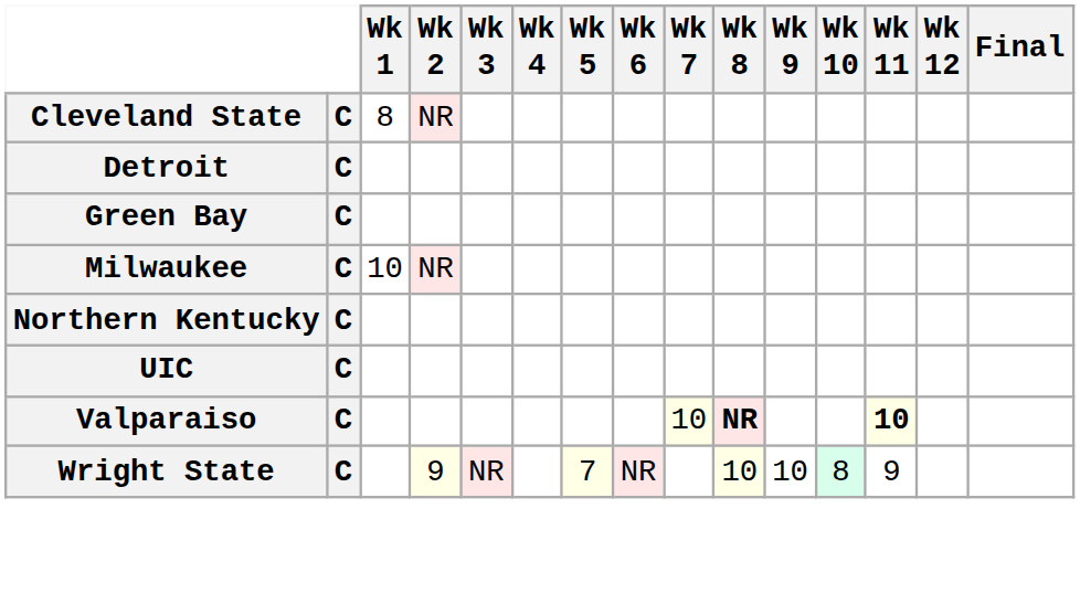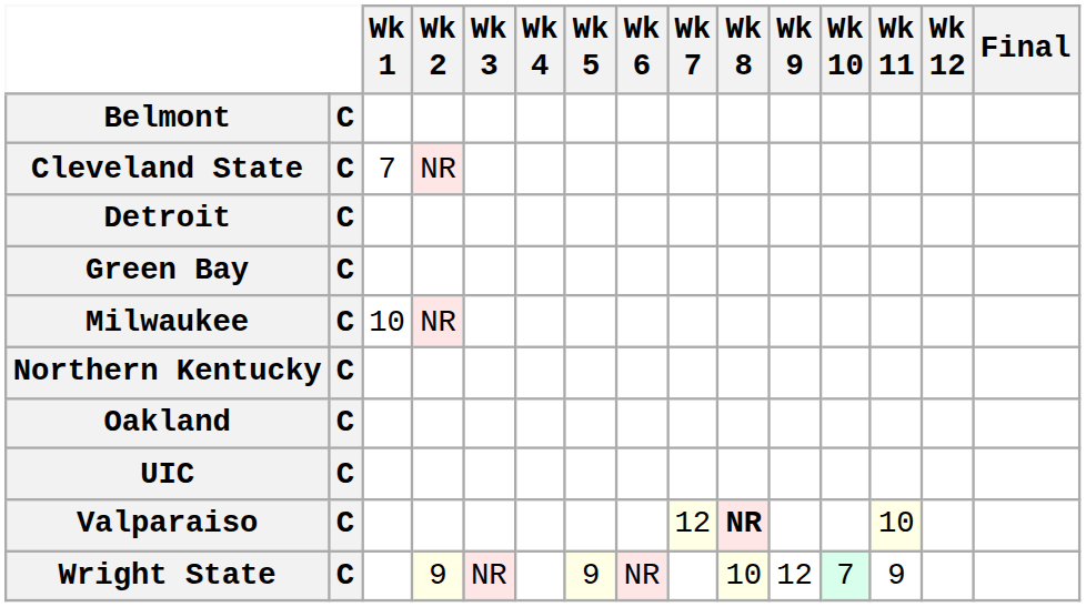 <table class="wikitable" style="white-space:nowrap;font-size:90%;">
 <tr>
 <th colspan=2 style="background:white; border-top-style:hidden; border-left-style:hidden;"> </th>
 <th>Wk<br>1</th>
 <th>Wk<br>2</th>
 <th>Wk<br>3</th>
 <th>Wk<br>4</th>
 <th>Wk<br>5</th>
 <th>Wk<br>6</th>
 <th>Wk<br>7</th>
 <th>Wk<br>8</th>
 <th>Wk<br>9</th>
 <th>Wk<br>10</th>
 <th>Wk<br>11</th>
 <th>Wk<br>12</th>
 <th>Final</th>
 </tr>
 <tr style="text-align:center;">
+<th style="background:#">Belmont</th>
+<th>C</th>
+<td style="background:#FFF;"></td>
+<td style="background:#FFF;"></td>
+<td style="background:#FFF;"></td>
+<td style="background:#FFF;"></td>
+<td style="background:#FFF;"></td>
+<td style="background:#FFF;"></td>
+<td style="background:#FFF;"></td>
+<td style="background:#FFF;"></td>
+<td style="background:#FFF;"></td>
+<td style="background:#FFF;"></td>
+<td style="background:#FFF;"></td>
+<td style="background:#FFF;"></td>
+<td style="background:#FFF;"></td>
+</tr>
+<tr style="text-align:center;">
 <th style="background:#">Cleveland State</th>
 <th>C</th>
-<td style="background:#FFF;"> 8</td>
+<td style="background:#FFF;"> 7</td>
 <td style="background:#FFE6E6;"> NR</td>
 <td style="background:#FFF;"></td>
 <td style="background:#FFF;"></td>
 <td style="background:#FFF;"></td>
 <td style="background:#FFF;"></td>
 <td style="background:#FFF;"></td>
 <td style="background:#FFF;"></td>
 <td style="background:#FFF;"></td>
 <td style="background:#FFF;"></td>
 <td style="background:#FFF;"></td>
 <td style="background:#FFF;"></td>
 <td style="background:#FFF;"></td>
 </tr>
 <tr style="text-align:center;">
 <th style="background:#">Detroit</th>
 <th>C</th>
 <td style="background:#FFF;"></td>
 <td style="background:#FFF;"></td>
 <td style="background:#FFF;"></td>
 <td style="background:#FFF;"></td>
 <td style="background:#FFF;"></td>
 <td style="background:#FFF;"></td>
 <td style="background:#FFF;"></td>
 <td style="background:#FFF;"></td>
 <td style="background:#FFF;"></td>
 <td style="background:#FFF;"></td>
 <td style="background:#FFF;"></td>
 <td style="background:#FFF;"></td>
 <td style="background:#FFF;"></td>
 </tr>
 <tr style="text-align:center;">
 <th style="background:#">Green Bay</th>
 <th>C</th>
 <td style="background:#FFF;"></td>
 <td style="background:#FFF;"></td>
 <td style="background:#FFF;"></td>
 <td style="background:#FFF;"></td>
 <td style="background:#FFF;"></td>
 <td style="background:#FFF;"></td>
 <td style="background:#FFF;"></td>
 <td style="background:#FFF;"></td>
 <td style="background:#FFF;"></td>
 <td style="background:#FFF;"></td>
 <td style="background:#FFF;"></td>
 <td style="background:#FFF;"></td>
 <td style="background:#FFF;"></td>
 </tr>
 <tr style="text-align:center;">
 <th style="background:#">Milwaukee</th>
 <th>C</th>
 <td style="background:#FFF;"> 10</td>
 <td style="background:#FFE6E6;"> NR</td>
 <td style="background:#FFF;"></td>
 <td style="background:#FFF;"></td>
 <td style="background:#FFF;"></td>
 <td style="background:#FFF;"></td>
 <td style="background:#FFF;"></td>
 <td style="background:#FFF;"></td>
 <td style="background:#FFF;"></td>
 <td style="background:#FFF;"></td>
 <td style="background:#FFF;"></td>
 <td style="background:#FFF;"></td>
 <td style="background:#FFF;"></td>
 </tr>
 <tr style="text-align:center;">
 <th style="background:#">Northern Kentucky</th>
 <th>C</th>
 <td style="background:#FFF;"></td>
 <td style="background:#FFF;"></td>
 <td style="background:#FFF;"></td>
 <td style="background:#FFF;"></td>
 <td style="background:#FFF;"></td>
 <td style="background:#FFF;"></td>
 <td style="background:#FFF;"></td>
 <td style="background:#FFF;"></td>
 <td style="background:#FFF;"></td>
 <td style="background:#FFF;"></td>
 <td style="background:#FFF;"></td>
 <td style="background:#FFF;"></td>
 <td style="background:#FFF;"></td>
 </tr>
 <tr style="text-align:center;">
+<th style="background:#">Oakland</th>
+<th>C</th>
+<td style="background:#FFF;"></td>
+<td style="background:#FFF;"></td>
+<td style="background:#FFF;"></td>
+<td style="background:#FFF;"></td>
+<td style="background:#FFF;"></td>
+<td style="background:#FFF;"></td>
+<td style="background:#FFF;"></td>
+<td style="background:#FFF;"></td>
+<td style="background:#FFF;"></td>
+<td style="background:#FFF;"></td>
+<td style="background:#FFF;"></td>
+<td style="background:#FFF;"></td>
+<td style="background:#FFF;"></td>
+</tr>
+<tr style="text-align:center;">
 <th style="background:#">UIC</th>
 <th>C</th>
 <td style="background:#FFF;"></td>
 <td style="background:#FFF;"></td>
 <td style="background:#FFF;"></td>
 <td style="background:#FFF;"></td>
 <td style="background:#FFF;"></td>
 <td style="background:#FFF;"></td>
 <td style="background:#FFF;"></td>
 <td style="background:#FFF;"></td>
 <td style="background:#FFF;"></td>
 <td style="background:#FFF;"></td>
 <td style="background:#FFF;"></td>
 <td style="background:#FFF;"></td>
 <td style="background:#FFF;"></td>
 </tr>
 <tr style="text-align:center;">
 <th style="background:#">Valparaiso</th>
 <th>C</th>
 <td style="background:#FFF;"></td>
 <td style="background:#FFF;"></td>
 <td style="background:#FFF;"></td>
 <td style="background:#FFF;"></td>
 <td style="background:#FFF;"></td>
 <td style="background:#FFF;"></td>
-<td style="background:#FFFFE6;"> 10</td>
+<td style="background:#FFFFE6;"> 12</td>
 <td style="background:#FFE6E6;"><strong> NR</strong></td>
 <td style="background:#FFF;"></td>
 <td style="background:#FFF;"></td>
-<td style="background:#FFFFE6;"><strong> 10</strong></td>
+<td style="background:#FFFFE6;"> 10</td>
 <td style="background:#FFF;"></td>
 <td style="background:#FFF;"></td>
 </tr>
 <tr style="text-align:center;">
 <th style="background:#">Wright State</th>
 <th>C</th>
 <td style="background:#FFF;"></td>
 <td style="background:#FFFFE6;"> 9</td>
 <td style="background:#FFE6E6;"> NR</td>
 <td style="background:#FFF;"></td>
-<td style="background:#FFFFE6;"> 7</td>
+<td style="background:#FFFFE6;"> 9</td>
 <td style="background:#FFE6E6;"> NR</td>
 <td style="background:#FFF;"></td>
 <td style="background:#FFFFE6;"> 10</td>
-<td style="background:#FFF;"> 10</td>
-<td style="background:#D8FFEB;"> 8</td>
+<td style="background:#FFF;"> 12</td>
+<td style="background:#D8FFEB;"> 7</td>
 <td style="background:#FFF;"> 9</td>
 <td style="background:#FFF;"></td>
 <td style="background:#FFF;"></td>
 </tr>
 </table>
